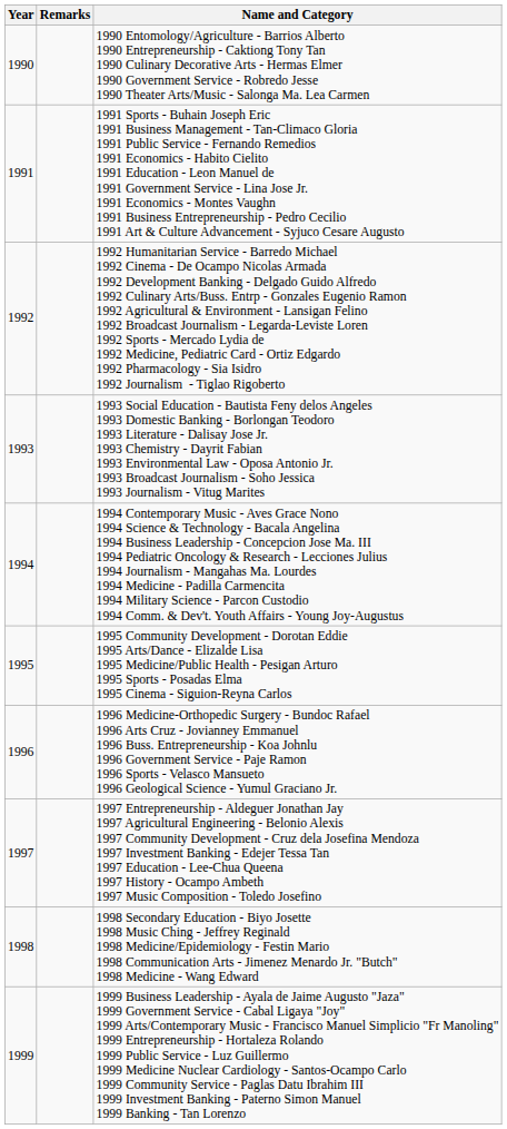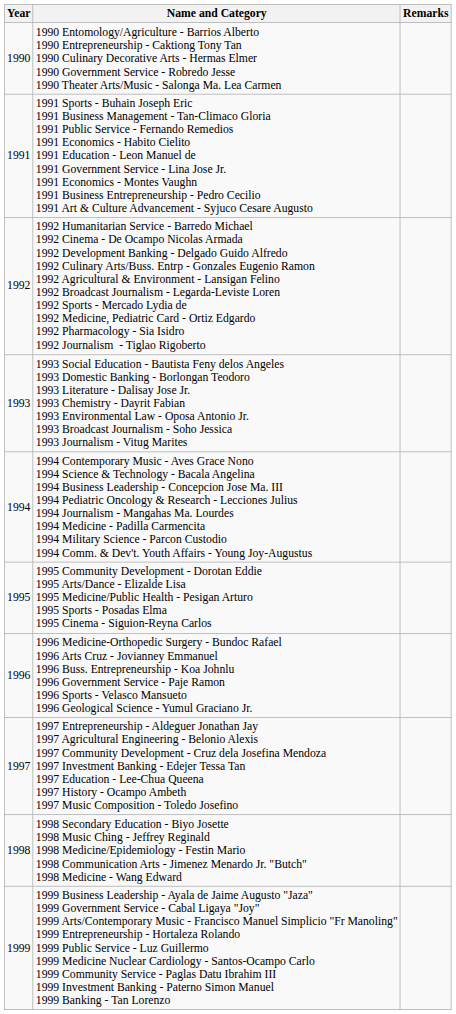 <table class="wikitable">
 <tr>
 <th>Year</th>
+<th>Name and Category</th>
 <th>Remarks</th>
-<th>Name and Category</th>
 </tr>
 <tr>
 <td>1990</td>
+<td>1990 Entomology/Agriculture - Barrios Alberto<br>1990 Entrepreneurship - Caktiong Tony Tan<br>1990 Culinary Decorative Arts - Hermas Elmer<br>1990 Government Service - Robredo Jesse<br>1990 Theater Arts/Music - Salonga Ma. Lea Carmen</td>
 <td></td>
-<td>1990 Entomology/Agriculture - Barrios Alberto<br>1990 Entrepreneurship - Caktiong Tony Tan<br>1990 Culinary Decorative Arts - Hermas Elmer<br>1990 Government Service - Robredo Jesse<br>1990 Theater Arts/Music - Salonga Ma. Lea Carmen</td>
 </tr>
 <tr>
 <td>1991</td>
+<td>1991 Sports - Buhain Joseph Eric<br>1991 Business Management - Tan-Climaco Gloria<br>1991 Public Service - Fernando Remedios<br>1991 Economics - Habito Cielito<br>1991 Education - Leon Manuel de<br>1991 Government Service - Lina Jose Jr.<br>1991 Economics - Montes Vaughn<br>1991 Business Entrepreneurship - Pedro Cecilio<br>1991 Art & Culture Advancement - Syjuco Cesare Augusto</td>
 <td></td>
-<td>1991 Sports - Buhain Joseph Eric<br>1991 Business Management - Tan-Climaco Gloria<br>1991 Public Service - Fernando Remedios<br>1991 Economics - Habito Cielito<br>1991 Education - Leon Manuel de<br>1991 Government Service - Lina Jose Jr.<br>1991 Economics - Montes Vaughn<br>1991 Business Entrepreneurship - Pedro Cecilio<br>1991 Art & Culture Advancement - Syjuco Cesare Augusto</td>
 </tr>
 <tr>
 <td>1992</td>
+<td>1992 Humanitarian Service - Barredo Michael<br>1992 Cinema - De Ocampo Nicolas Armada<br>1992 Development Banking - Delgado Guido Alfredo<br>1992 Culinary Arts/Buss. Entrp - Gonzales Eugenio Ramon<br>1992 Agricultural & Environment - Lansigan Felino<br>1992 Broadcast Journalism - Legarda-Leviste Loren<br>1992 Sports - Mercado Lydia de<br>1992 Medicine, Pediatric Card - Ortiz Edgardo<br>1992 Pharmacology - Sia Isidro<br>1992 Journalism  - Tiglao Rigoberto</td>
 <td></td>
-<td>1992 Humanitarian Service - Barredo Michael<br>1992 Cinema - De Ocampo Nicolas Armada<br>1992 Development Banking - Delgado Guido Alfredo<br>1992 Culinary Arts/Buss. Entrp - Gonzales Eugenio Ramon<br>1992 Agricultural & Environment - Lansigan Felino<br>1992 Broadcast Journalism - Legarda-Leviste Loren<br>1992 Sports - Mercado Lydia de<br>1992 Medicine, Pediatric Card - Ortiz Edgardo<br>1992 Pharmacology - Sia Isidro<br>1992 Journalism  - Tiglao Rigoberto</td>
 </tr>
 <tr>
 <td>1993</td>
+<td>1993 Social Education - Bautista Feny delos Angeles<br>1993 Domestic Banking - Borlongan Teodoro<br>1993 Literature - Dalisay Jose Jr.<br>1993 Chemistry - Dayrit Fabian<br>1993 Environmental Law - Oposa Antonio Jr.<br>1993 Broadcast Journalism - Soho Jessica<br>1993 Journalism - Vitug Marites</td>
 <td></td>
-<td>1993 Social Education - Bautista Feny delos Angeles<br>1993 Domestic Banking - Borlongan Teodoro<br>1993 Literature - Dalisay Jose Jr.<br>1993 Chemistry - Dayrit Fabian<br>1993 Environmental Law - Oposa Antonio Jr.<br>1993 Broadcast Journalism - Soho Jessica<br>1993 Journalism - Vitug Marites</td>
 </tr>
 <tr>
 <td>1994</td>
+<td>1994 Contemporary Music - Aves Grace Nono<br>1994 Science & Technology - Bacala Angelina<br>1994 Business Leadership - Concepcion Jose Ma. III<br>1994 Pediatric Oncology & Research - Lecciones Julius<br>1994 Journalism - Mangahas Ma. Lourdes<br>1994 Medicine - Padilla Carmencita<br>1994 Military Science - Parcon Custodio<br>1994 Comm. & Dev't. Youth Affairs - Young Joy-Augustus</td>
 <td></td>
-<td>1994 Contemporary Music - Aves Grace Nono<br>1994 Science & Technology - Bacala Angelina<br>1994 Business Leadership - Concepcion Jose Ma. III<br>1994 Pediatric Oncology & Research - Lecciones Julius<br>1994 Journalism - Mangahas Ma. Lourdes<br>1994 Medicine - Padilla Carmencita<br>1994 Military Science - Parcon Custodio<br>1994 Comm. & Dev't. Youth Affairs - Young Joy-Augustus</td>
 </tr>
 <tr>
 <td>1995</td>
+<td>1995 Community Development - Dorotan Eddie<br>1995 Arts/Dance - Elizalde Lisa<br>1995 Medicine/Public Health - Pesigan Arturo<br>1995 Sports - Posadas Elma<br>1995 Cinema - Siguion-Reyna Carlos</td>
 <td></td>
-<td>1995 Community Development - Dorotan Eddie<br>1995 Arts/Dance - Elizalde Lisa<br>1995 Medicine/Public Health - Pesigan Arturo<br>1995 Sports - Posadas Elma<br>1995 Cinema - Siguion-Reyna Carlos</td>
 </tr>
 <tr>
 <td>1996</td>
+<td>1996 Medicine-Orthopedic Surgery - Bundoc Rafael<br>1996 Arts Cruz - Jovianney Emmanuel<br>1996 Buss. Entrepreneurship - Koa Johnlu<br>1996 Government Service - Paje Ramon<br>1996 Sports - Velasco Mansueto<br>1996 Geological Science - Yumul Graciano Jr.</td>
 <td></td>
-<td>1996 Medicine-Orthopedic Surgery - Bundoc Rafael<br>1996 Arts Cruz - Jovianney Emmanuel<br>1996 Buss. Entrepreneurship - Koa Johnlu<br>1996 Government Service - Paje Ramon<br>1996 Sports - Velasco Mansueto<br>1996 Geological Science - Yumul Graciano Jr.</td>
 </tr>
 <tr>
 <td>1997</td>
+<td>1997 Entrepreneurship - Aldeguer Jonathan Jay<br>1997 Agricultural Engineering - Belonio Alexis<br>1997 Community Development - Cruz dela Josefina Mendoza<br>1997 Investment Banking - Edejer Tessa Tan<br>1997 Education - Lee-Chua Queena<br>1997 History - Ocampo Ambeth<br>1997 Music Composition - Toledo Josefino</td>
 <td></td>
-<td>1997 Entrepreneurship - Aldeguer Jonathan Jay<br>1997 Agricultural Engineering - Belonio Alexis<br>1997 Community Development - Cruz dela Josefina Mendoza<br>1997 Investment Banking - Edejer Tessa Tan<br>1997 Education - Lee-Chua Queena<br>1997 History - Ocampo Ambeth<br>1997 Music Composition - Toledo Josefino</td>
 </tr>
 <tr>
 <td>1998</td>
+<td>1998 Secondary Education - Biyo Josette<br>1998 Music Ching - Jeffrey Reginald<br>1998 Medicine/Epidemiology - Festin Mario<br>1998 Communication Arts - Jimenez Menardo Jr. "Butch"<br>1998 Medicine - Wang Edward</td>
 <td></td>
-<td>1998 Secondary Education - Biyo Josette<br>1998 Music Ching - Jeffrey Reginald<br>1998 Medicine/Epidemiology - Festin Mario<br>1998 Communication Arts - Jimenez Menardo Jr. "Butch"<br>1998 Medicine - Wang Edward</td>
 </tr>
 <tr>
 <td>1999</td>
+<td>1999 Business Leadership - Ayala de Jaime Augusto "Jaza"<br>1999 Government Service - Cabal Ligaya "Joy"<br>1999 Arts/Contemporary Music - Francisco Manuel Simplicio "Fr Manoling"<br>1999 Entrepreneurship - Hortaleza Rolando<br>1999 Public Service - Luz Guillermo<br>1999 Medicine Nuclear Cardiology - Santos-Ocampo Carlo<br>1999 Community Service - Paglas Datu Ibrahim III<br>1999 Investment Banking - Paterno Simon Manuel<br>1999 Banking - Tan Lorenzo</td>
 <td></td>
-<td>1999 Business Leadership - Ayala de Jaime Augusto "Jaza"<br>1999 Government Service - Cabal Ligaya "Joy"<br>1999 Arts/Contemporary Music - Francisco Manuel Simplicio "Fr Manoling"<br>1999 Entrepreneurship - Hortaleza Rolando<br>1999 Public Service - Luz Guillermo<br>1999 Medicine Nuclear Cardiology - Santos-Ocampo Carlo<br>1999 Community Service - Paglas Datu Ibrahim III<br>1999 Investment Banking - Paterno Simon Manuel<br>1999 Banking - Tan Lorenzo</td>
 </tr>
 </table>
